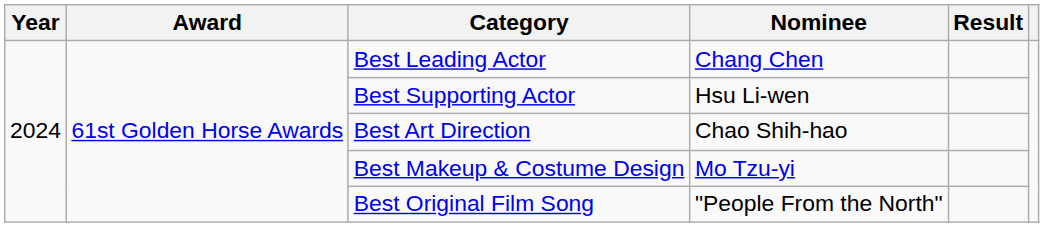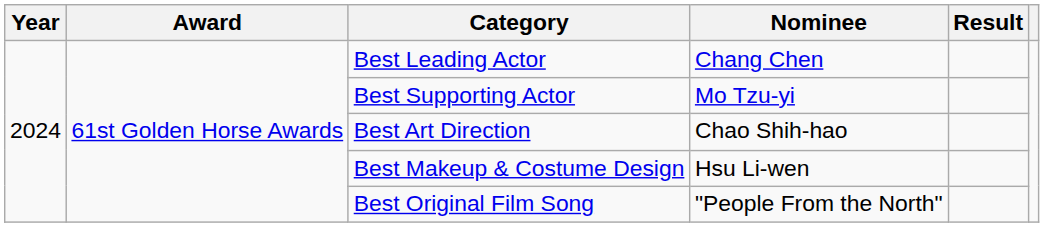 <table class="wikitable plainrowheaders">
 <tr>
 <th>Year</th>
 <th>Award</th>
 <th>Category</th>
 <th>Nominee</th>
 <th>Result</th>
 <th></th>
 </tr>
 <tr>
 <td rowspan="5">2024</td>
 <td rowspan="5"><a href='#'>61st Golden Horse Awards</a></td>
 <td><a href='#'>Best Leading Actor</a></td>
 <td><a href='#'>Chang Chen</a></td>
 <td></td>
 <td rowspan="5"></td>
 </tr>
 <tr>
 <td><a href='#'>Best Supporting Actor</a></td>
-<td>Hsu Li-wen</td>
+<td><a href='#'>Mo Tzu-yi</a></td>
 <td></td>
 </tr>
 <tr>
 <td><a href='#'>Best Art Direction</a></td>
 <td>Chao Shih-hao</td>
 <td></td>
 </tr>
 <tr>
 <td><a href='#'>Best Makeup & Costume Design</a></td>
-<td><a href='#'>Mo Tzu-yi</a></td>
+<td>Hsu Li-wen</td>
 <td></td>
 </tr>
 <tr>
 <td><a href='#'>Best Original Film Song</a></td>
 <td>"People From the North"</td>
 <td></td>
 </tr>
 </table>
